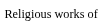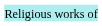 <table align="center" cellpadding=0px cellspacing=8px>
 <tr>
 <td></td>
 <td></td>
 <td></td>
 </tr>
 <tr>
-<td><small>Religious works of </small></td>
+<td style="background: paleturquoise;"><small>Religious works of </small></td>
 </tr>
 </table>
